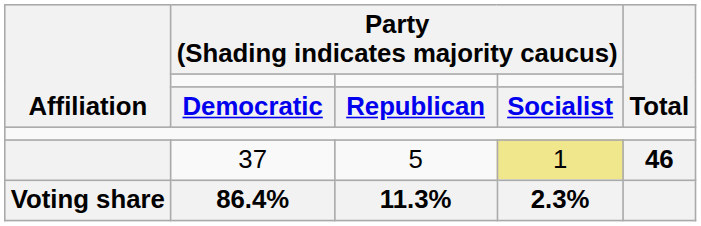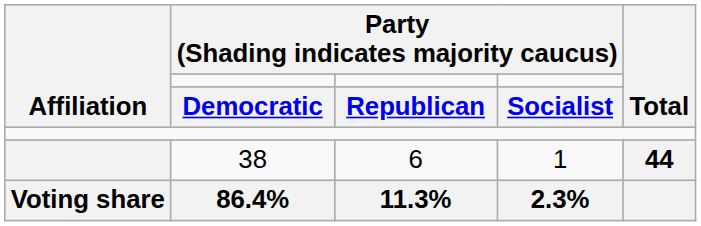 <table class=wikitable style="text-align:center">
 <tr style="vertical-align:bottom;">
 <th rowspan=3>Affiliation</th>
 <th colspan=3>Party <div>(Shading indicates majority caucus)</div></th>
 <th rowspan=3>Total</th>
 </tr>
 <tr style="height:5px">
 <td style="background-color:"></td>
 <td style="background-color:"></td>
 <td style="background-color:"></td>
 </tr>
 <tr>
 <th><a href='#'>Democratic</a></th>
 <th><a href='#'>Republican</a></th>
 <th><a href='#'>Socialist</a></th>
 </tr>
 <tr>
 <td colspan=5></td>
 </tr>
 <tr>
 <th nowrap style="font-size:80%"></th>
-<td>37</td>
-<td>5</td>
-<td style="background: khaki;">1</td>
-<th>46</th>
+<td>38</td>
+<td>6</td>
+<td>1</td>
+<th>44</th>
 </tr>
 <tr>
 <th>Voting share</th>
 <th>86.4%</th>
 <th>11.3%</th>
 <th>2.3%</th>
 <th colspan=3></th>
 </tr>
 </table>
